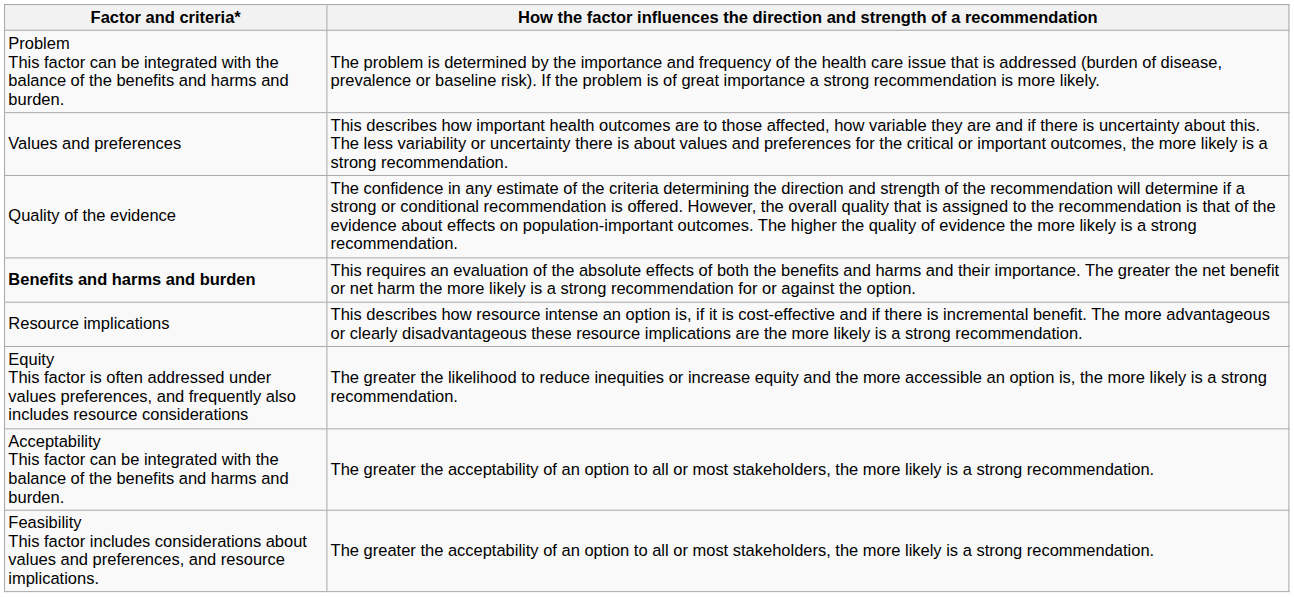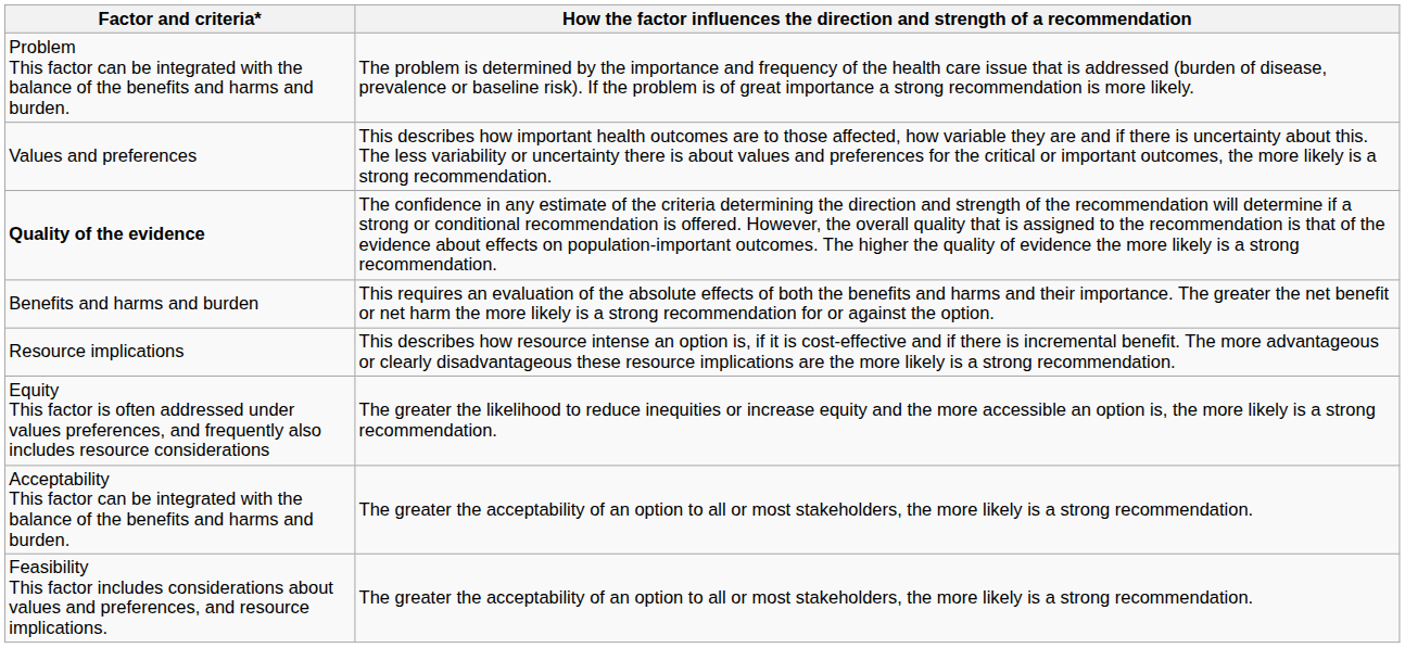 <table class="wikitable">
 <tr>
 <th>Factor and criteria*</th>
 <th>How the factor influences the direction and strength of a recommendation</th>
 </tr>
 <tr>
 <td>Problem<br>This factor can be integrated with the balance of the benefits and harms and burden.</td>
 <td>The problem is determined by the importance and frequency of the health care issue that is addressed (burden of disease, prevalence or baseline risk). If the problem is of great importance a strong recommendation is more likely.</td>
 </tr>
 <tr>
 <td>Values and preferences</td>
 <td>This describes how important health outcomes are to those affected, how variable they are and if there is uncertainty about this. The less variability or uncertainty there is about values and preferences for the critical or important outcomes, the more likely is a strong recommendation.</td>
 </tr>
 <tr>
-<td>Quality of the evidence</td>
+<td><strong>Quality of the evidence</strong></td>
 <td>The confidence in any estimate of the criteria determining the direction and strength of the recommendation will determine if a strong or conditional recommendation is offered. However, the overall quality that is assigned to the recommendation is that of the evidence about effects on population-important outcomes. The higher the quality of evidence the more likely is a strong recommendation.</td>
 </tr>
 <tr>
-<td><strong>Benefits and harms and burden</strong></td>
+<td>Benefits and harms and burden</td>
 <td>This requires an evaluation of the absolute effects of both the benefits and harms and their importance. The greater the net benefit or net harm the more likely is a strong recommendation for or against the option.</td>
 </tr>
 <tr>
 <td>Resource implications</td>
 <td>This describes how resource intense an option is, if it is cost-effective and if there is incremental benefit. The more advantageous or clearly disadvantageous these resource implications are the more likely is a strong recommendation.</td>
 </tr>
 <tr>
 <td>Equity<br>This factor is often addressed under values preferences, and frequently also includes resource considerations</td>
 <td>The greater the likelihood to reduce inequities or increase equity and the more accessible an option is, the more likely is a strong recommendation.</td>
 </tr>
 <tr>
 <td>Acceptability<br>This factor can be integrated with the balance of the benefits and harms and burden.</td>
 <td>The greater the acceptability of an option to all or most stakeholders, the more likely is a strong recommendation.</td>
 </tr>
 <tr>
 <td>Feasibility<br>This factor includes considerations about values and preferences, and resource implications.</td>
 <td>The greater the acceptability of an option to all or most stakeholders, the more likely is a strong recommendation.</td>
 </tr>
 </table>
